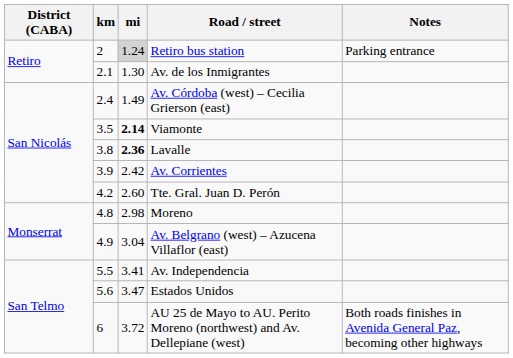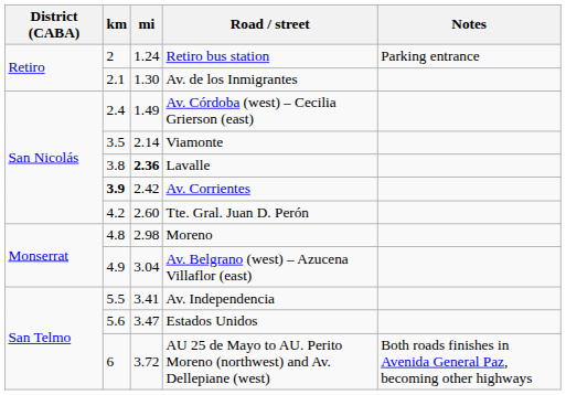 <table class="wikitable sortable">
 <tr>
 <th width=100px>District (CABA)</th>
 <th>km</th>
 <th>mi</th>
 <th>Road / street</th>
 <th>Notes</th>
 </tr>
 <tr>
 <td rowspan=2><a href='#'>Retiro</a></td>
 <td>2</td>
-<td style="background: lightgrey;">1.24</td>
+<td>1.24</td>
 <td> <a href='#'>Retiro bus station</a></td>
 <td>Parking entrance</td>
 </tr>
 <tr>
 <td>2.1</td>
 <td>1.30</td>
 <td>Av. de los Inmigrantes</td>
 <td></td>
 </tr>
 <tr>
 <td rowspan=5><a href='#'>San Nicolás</a></td>
 <td>2.4</td>
 <td>1.49</td>
 <td><a href='#'>Av. Córdoba</a> (west) – Cecilia Grierson (east)</td>
 <td></td>
 </tr>
 <tr>
 <td>3.5</td>
-<td><strong>2.14</strong></td>
+<td>2.14</td>
 <td>Viamonte</td>
 <td></td>
 </tr>
 <tr>
 <td>3.8</td>
 <td><strong>2.36</strong></td>
 <td>Lavalle</td>
 <td></td>
 </tr>
 <tr>
-<td>3.9</td>
+<td><strong>3.9</strong></td>
 <td>2.42</td>
 <td><a href='#'>Av. Corrientes</a></td>
 <td></td>
 </tr>
 <tr>
 <td>4.2</td>
 <td>2.60</td>
 <td>Tte. Gral. Juan D. Perón</td>
 <td></td>
 </tr>
 <tr>
 <td rowspan=2><a href='#'>Monserrat</a></td>
 <td>4.8</td>
 <td>2.98</td>
 <td>Moreno</td>
 <td></td>
 </tr>
 <tr>
 <td>4.9</td>
 <td>3.04</td>
 <td><a href='#'>Av. Belgrano</a> (west) – Azucena Villaflor (east)</td>
 <td></td>
 </tr>
 <tr>
 <td rowspan=4><a href='#'>San Telmo</a></td>
 <td>5.5</td>
 <td>3.41</td>
 <td>Av. Independencia</td>
 <td></td>
 </tr>
 <tr>
 <td>5.6</td>
 <td>3.47</td>
 <td>Estados Unidos</td>
 <td></td>
 </tr>
 <tr>
 <td>6</td>
 <td>3.72</td>
 <td> AU 25 de Mayo to AU. Perito Moreno (northwest) and Av. Dellepiane (west)</td>
 <td>Both roads finishes in <a href='#'>Avenida General Paz</a>, becoming other highways</td>
 </tr>
 </table>
